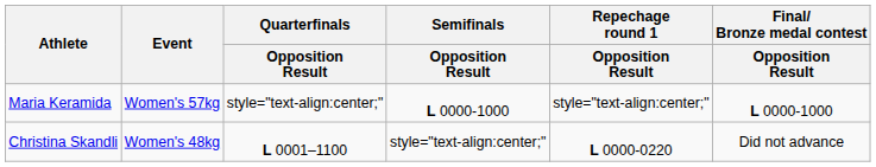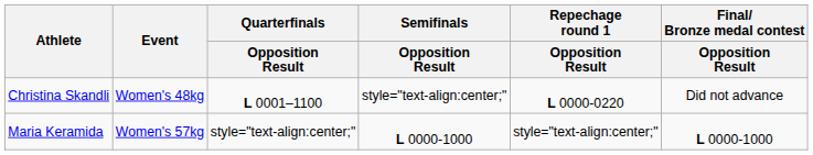 <table class=wikitable style="font-size:90%">
 <tr>
 <th rowspan="2">Athlete</th>
 <th rowspan="2">Event</th>
 <th>Quarterfinals</th>
 <th>Semifinals</th>
 <th>Repechage <br>round 1</th>
 <th>Final/<br>Bronze medal contest</th>
 </tr>
 <tr>
 <th>Opposition<br>Result</th>
 <th>Opposition<br>Result</th>
 <th>Opposition<br>Result</th>
 <th>Opposition<br>Result</th>
 </tr>
 <tr>
+<td><a href='#'>Christina Skandli</a></td>
+<td style="text-align:center;"><a href='#'>Women's 48kg</a></td>
+<td style="text-align:center;"><br> <strong>L</strong> 0001–1100</td>
+<td>style="text-align:center;" </td>
+<td style="text-align:center;"><br> <strong>L</strong> 0000-0220</td>
+<td style="text-align:center;">Did not advance</td>
+</tr>
+<tr>
 <td><a href='#'>Maria Keramida</a></td>
 <td style="text-align:center;"><a href='#'>Women's 57kg</a></td>
 <td>style="text-align:center;" </td>
 <td style="text-align:center;"><br> <strong>L</strong> 0000-1000</td>
 <td>style="text-align:center;" </td>
 <td style="text-align:center;"><br> <strong>L</strong> 0000-1000</td>
 </tr>
-<tr>
-<td><a href='#'>Christina Skandli</a></td>
-<td style="text-align:center;"><a href='#'>Women's 48kg</a></td>
-<td style="text-align:center;"><br> <strong>L</strong> 0001–1100</td>
-<td>style="text-align:center;" </td>
-<td style="text-align:center;"><br> <strong>L</strong> 0000-0220</td>
-<td style="text-align:center;">Did not advance</td>
-</tr>
 </table>
